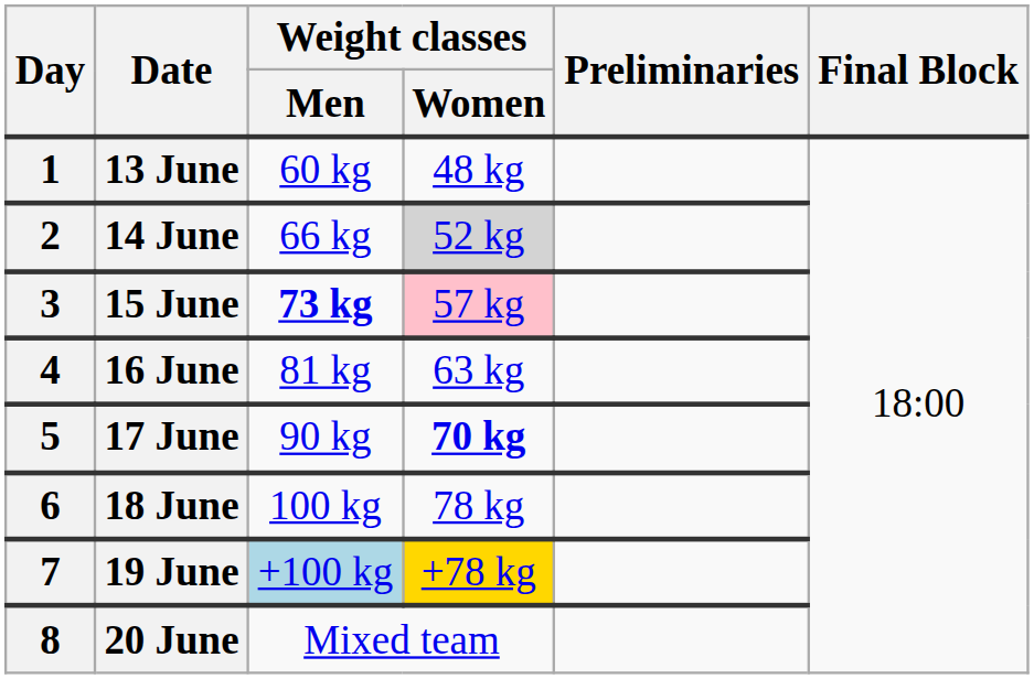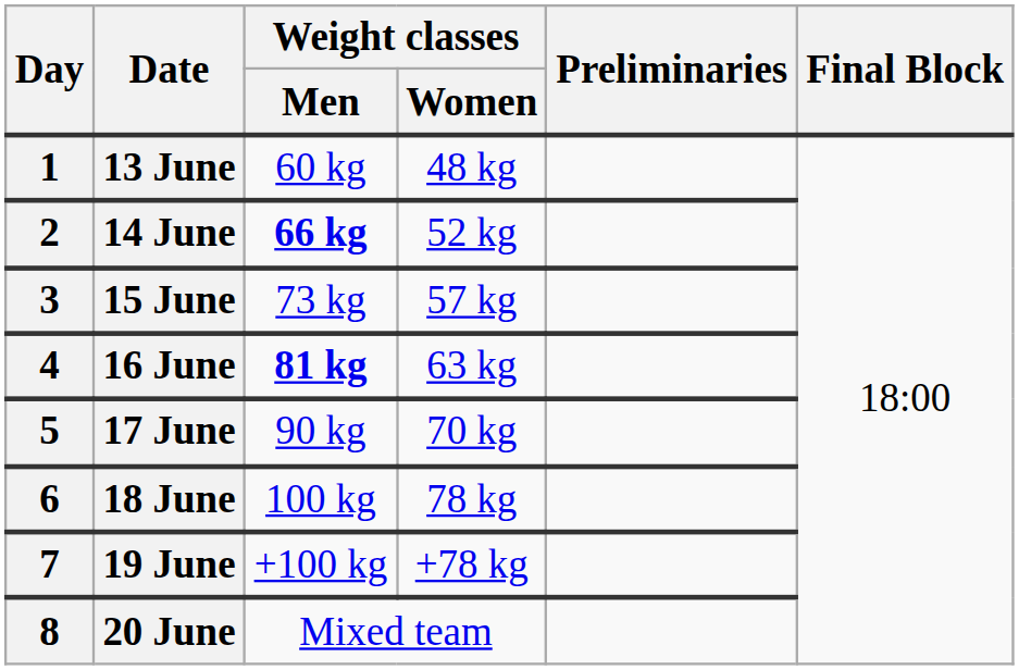 <table class=wikitable style="text-align:center;">
 <tr>
 <th rowspan=2>Day</th>
 <th rowspan=2>Date</th>
 <th colspan=2>Weight classes</th>
 <th rowspan=2>Preliminaries</th>
 <th rowspan=2>Final Block</th>
 </tr>
 <tr>
 <th>Men</th>
 <th>Women</th>
 </tr>
 <tr style="border-top: 2px solid #333333;">
 <th>1</th>
 <th>13 June</th>
 <td><a href='#'>60 kg</a></td>
 <td><a href='#'>48 kg</a></td>
 <td></td>
 <td rowspan=8>18:00</td>
 </tr>
 <tr style="border-top: 2px solid #333333;">
 <th>2</th>
 <th>14 June</th>
-<td><a href='#'>66 kg</a></td>
-<td style="background: lightgrey;"><a href='#'>52 kg</a></td>
+<td><strong><a href='#'>66 kg</a></strong></td>
+<td><a href='#'>52 kg</a></td>
 <td></td>
 </tr>
 <tr style="border-top: 2px solid #333333;">
 <th>3</th>
 <th>15 June</th>
-<td><strong><a href='#'>73 kg</a></strong></td>
-<td style="background: pink;"><a href='#'>57 kg</a></td>
+<td><a href='#'>73 kg</a></td>
+<td><a href='#'>57 kg</a></td>
 <td></td>
 </tr>
 <tr style="border-top: 2px solid #333333;">
 <th>4</th>
 <th>16 June</th>
-<td><a href='#'>81 kg</a></td>
+<td><strong><a href='#'>81 kg</a></strong></td>
 <td><a href='#'>63 kg</a></td>
 <td></td>
 </tr>
 <tr style="border-top: 2px solid #333333;">
 <th>5</th>
 <th>17 June</th>
 <td><a href='#'>90 kg</a></td>
-<td><strong><a href='#'>70 kg</a></strong></td>
+<td><a href='#'>70 kg</a></td>
 <td></td>
 </tr>
 <tr style="border-top: 2px solid #333333;">
 <th>6</th>
 <th>18 June</th>
 <td><a href='#'>100 kg</a></td>
 <td><a href='#'>78 kg</a></td>
 <td></td>
 </tr>
 <tr style="border-top: 2px solid #333333;">
 <th>7</th>
 <th>19 June</th>
-<td style="background: lightblue;"><a href='#'>+100 kg</a></td>
-<td style="background: gold;"><a href='#'>+78 kg</a></td>
+<td><a href='#'>+100 kg</a></td>
+<td><a href='#'>+78 kg</a></td>
 <td></td>
 </tr>
 <tr style="border-top: 2px solid #333333;">
 <th>8</th>
 <th>20 June</th>
 <td colspan=2><a href='#'>Mixed team</a></td>
 <td></td>
 </tr>
 </table>
